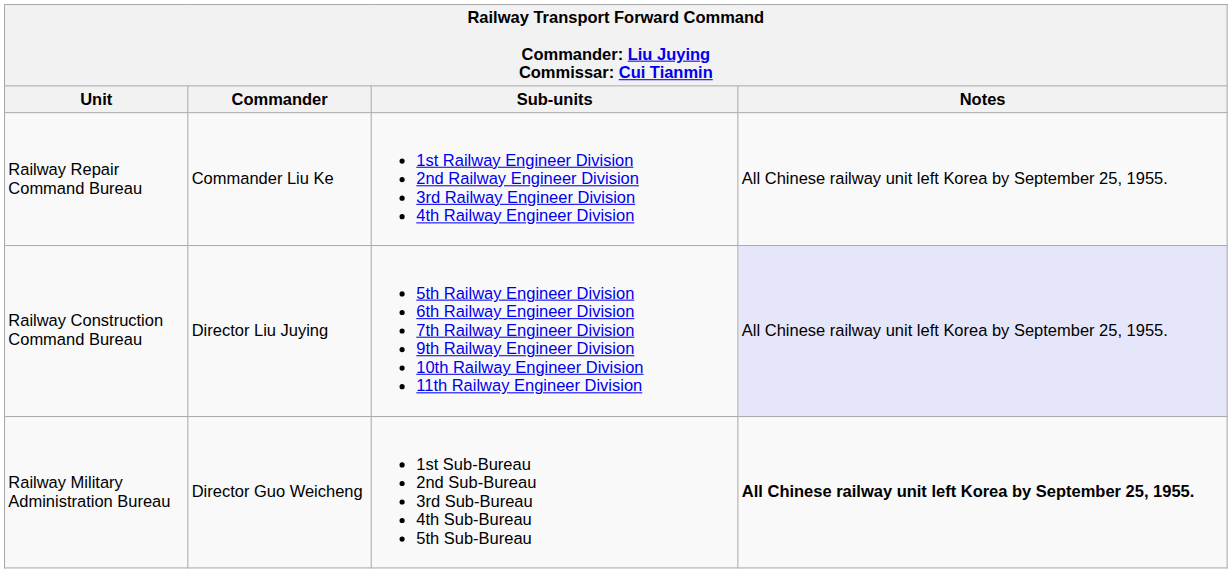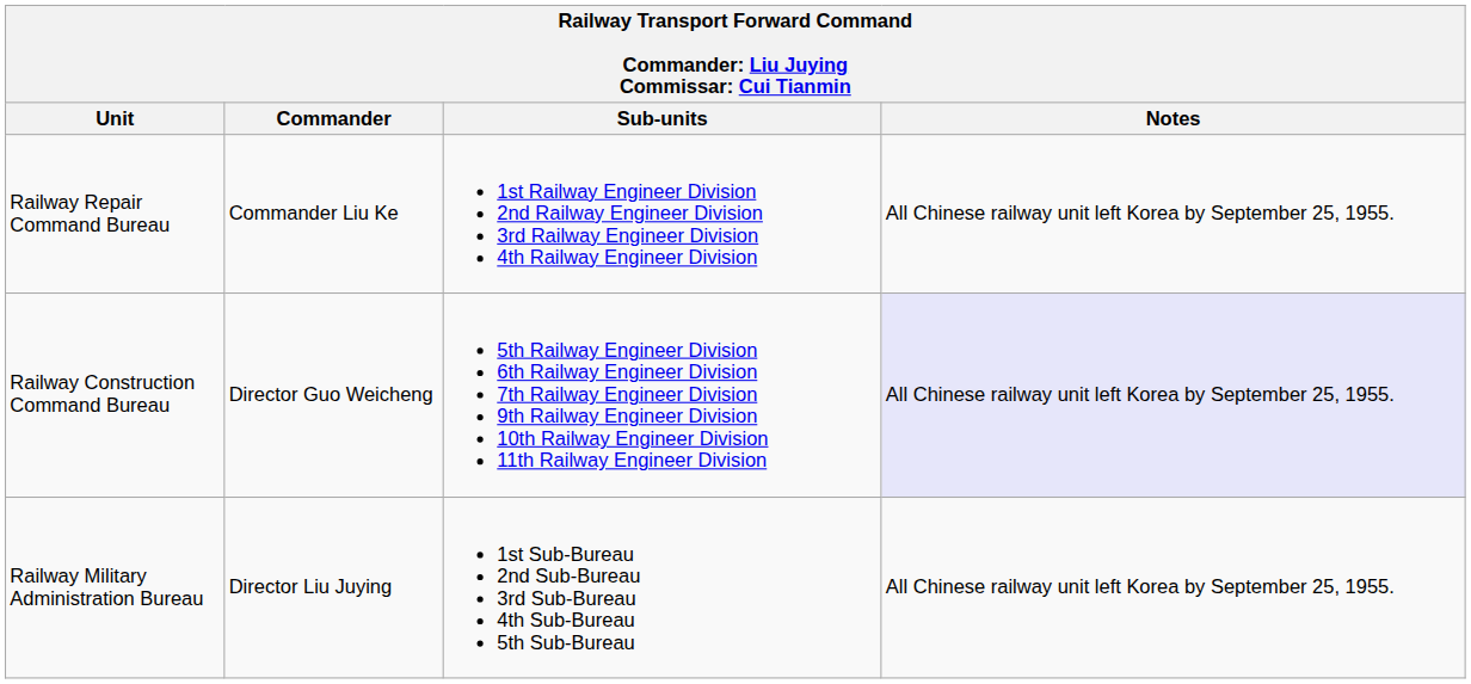 <table class="wikitable" style="width: 75%">
 <tr>
 <th colspan="4" align= center> Railway Transport Forward Command<br><br>Commander: <a href='#'>Liu Juying</a><br> Commissar: <a href='#'>Cui Tianmin</a><br></th>
 </tr>
 <tr>
 <th width=15%; align= center>Unit</th>
 <th width=15%; align= center>Commander</th>
 <th width=30%; align= center>Sub-units</th>
 <th width=40%; align= center>Notes</th>
 </tr>
 <tr>
 <td>Railway Repair Command Bureau</td>
 <td>Commander Liu Ke</td>
 <td><br><ul><li><a href='#'>1st Railway Engineer Division</a></li><li><a href='#'>2nd Railway Engineer Division</a></li><li><a href='#'>3rd Railway Engineer Division</a></li><li><a href='#'>4th Railway Engineer Division</a></li></ul></td>
 <td>All Chinese railway unit left Korea by September 25, 1955.</td>
 </tr>
 <tr>
 <td>Railway Construction Command Bureau</td>
-<td>Director Liu Juying</td>
+<td>Director Guo Weicheng</td>
 <td><br><ul><li><a href='#'>5th Railway Engineer Division</a></li><li><a href='#'>6th Railway Engineer Division</a></li><li><a href='#'>7th Railway Engineer Division</a></li><li><a href='#'>9th Railway Engineer Division</a></li><li><a href='#'>10th Railway Engineer Division</a></li><li><a href='#'>11th Railway Engineer Division</a></li></ul></td>
 <td style="background: lavender;">All Chinese railway unit left Korea by September 25, 1955.</td>
 </tr>
 <tr>
 <td>Railway Military Administration Bureau</td>
-<td>Director Guo Weicheng</td>
+<td>Director Liu Juying</td>
 <td><br><ul><li>1st Sub-Bureau</li><li>2nd Sub-Bureau</li><li>3rd Sub-Bureau</li><li>4th Sub-Bureau</li><li>5th Sub-Bureau</li></ul></td>
-<td><strong>All Chinese railway unit left Korea by September 25, 1955.</strong></td>
+<td>All Chinese railway unit left Korea by September 25, 1955.</td>
 </tr>
 </table>
